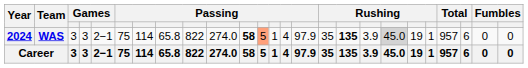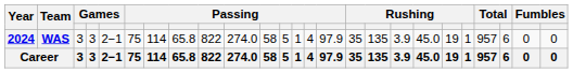 <table class="wikitable" style="text-align:center;">
 <tr>
 <th rowspan="2">Year</th>
 <th rowspan="2">Team</th>
 <th colspan="3">Games</th>
 <th colspan="10">Passing</th>
 <th colspan="6">Rushing</th>
 <th colspan="2">Total</th>
 <th colspan="2">Fumbles</th>
 </tr>
 <tr>
 <th></th>
 <th></th>
 <th></th>
 <th></th>
 <th></th>
 <th></th>
 <th></th>
 <th></th>
 <th></th>
 <th></th>
 <th></th>
 <th></th>
 <th></th>
 <th></th>
 <th></th>
 <th></th>
 <th></th>
 <th></th>
 <th></th>
 <th></th>
 <th></th>
 <th></th>
 <th></th>
 </tr>
 <tr>
 <th><a href='#'>2024</a></th>
 <th><a href='#'>WAS</a></th>
 <td>3</td>
 <td>3</td>
 <td>2−1</td>
 <td>75</td>
 <td>114</td>
 <td>65.8</td>
 <td>822</td>
 <td>274.0</td>
-<td><strong>58</strong></td>
-<td style="background: lightsalmon;">5</td>
+<td>58</td>
+<td>5</td>
 <td>1</td>
 <td>4</td>
 <td>97.9</td>
 <td>35</td>
-<td><strong>135</strong></td>
+<td>135</td>
 <td>3.9</td>
-<td style="background: lightgrey;">45.0</td>
+<td>45.0</td>
 <td>19</td>
 <td>1</td>
 <td>957</td>
 <td>6</td>
 <td>0</td>
 <td>0</td>
 </tr>
 <tr>
 <th colspan="2">Career</th>
 <th>3</th>
 <th>3</th>
 <th>2−1</th>
 <th>75</th>
 <th>114</th>
 <th>65.8</th>
 <th>822</th>
 <th>274.0</th>
 <th>58</th>
 <th>5</th>
 <th>1</th>
 <th>4</th>
 <th>97.9</th>
 <th>35</th>
 <th>135</th>
 <th>3.9</th>
 <th>45.0</th>
 <th>19</th>
 <th>1</th>
 <th>957</th>
 <th>6</th>
 <th>0</th>
 <th>0</th>
 </tr>
 </table>
